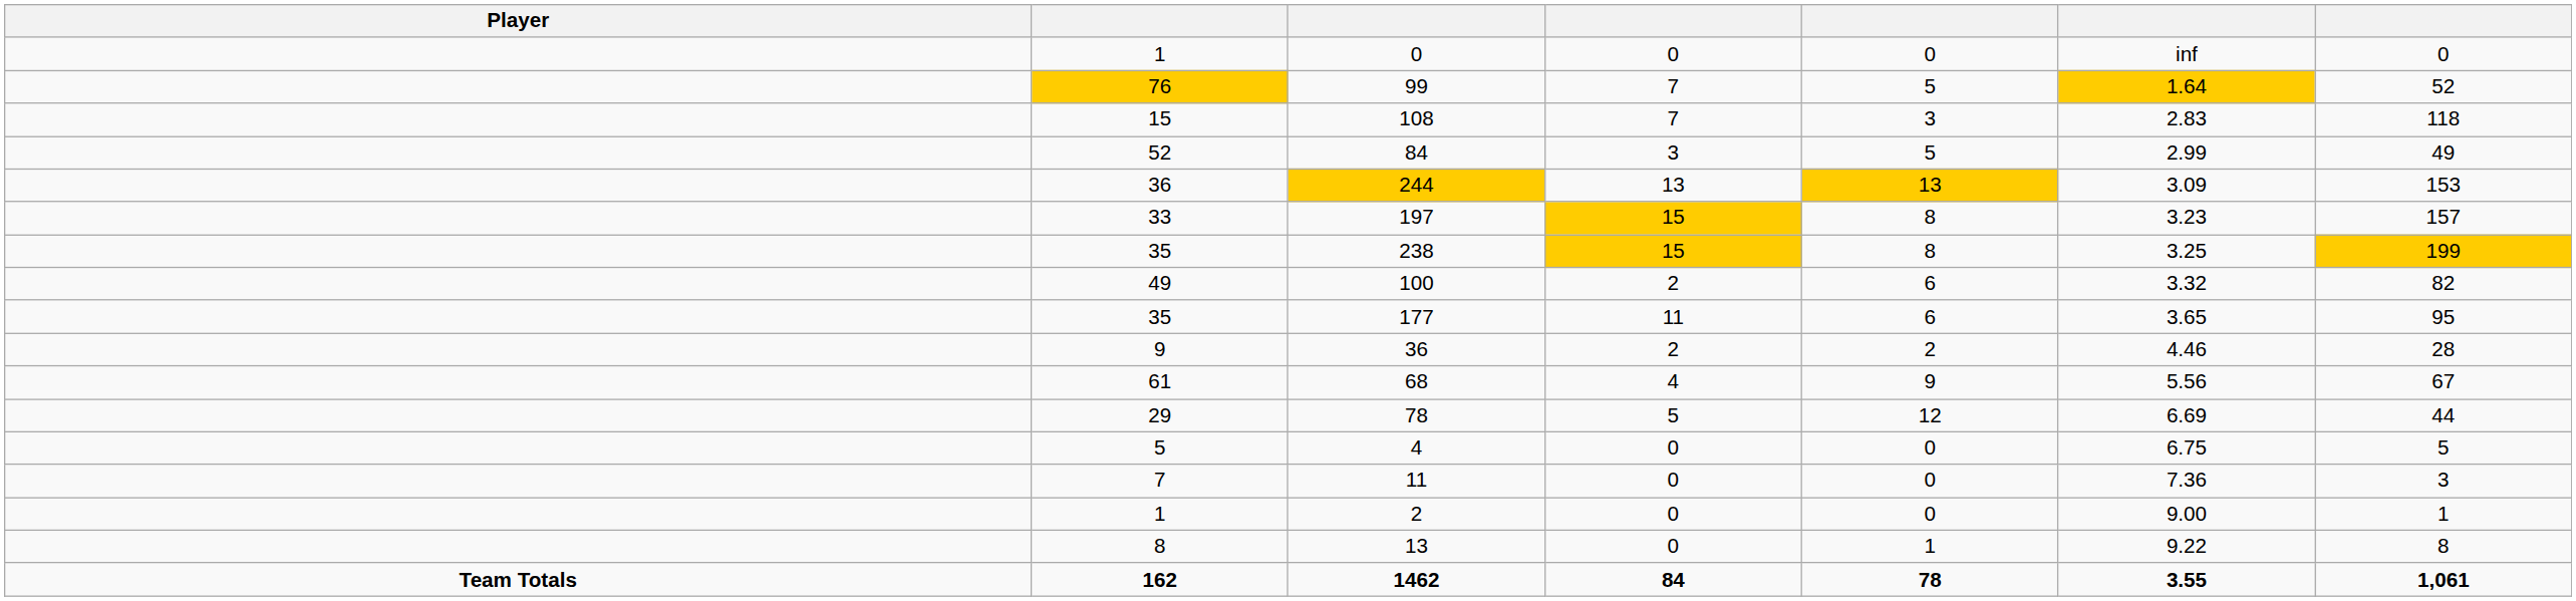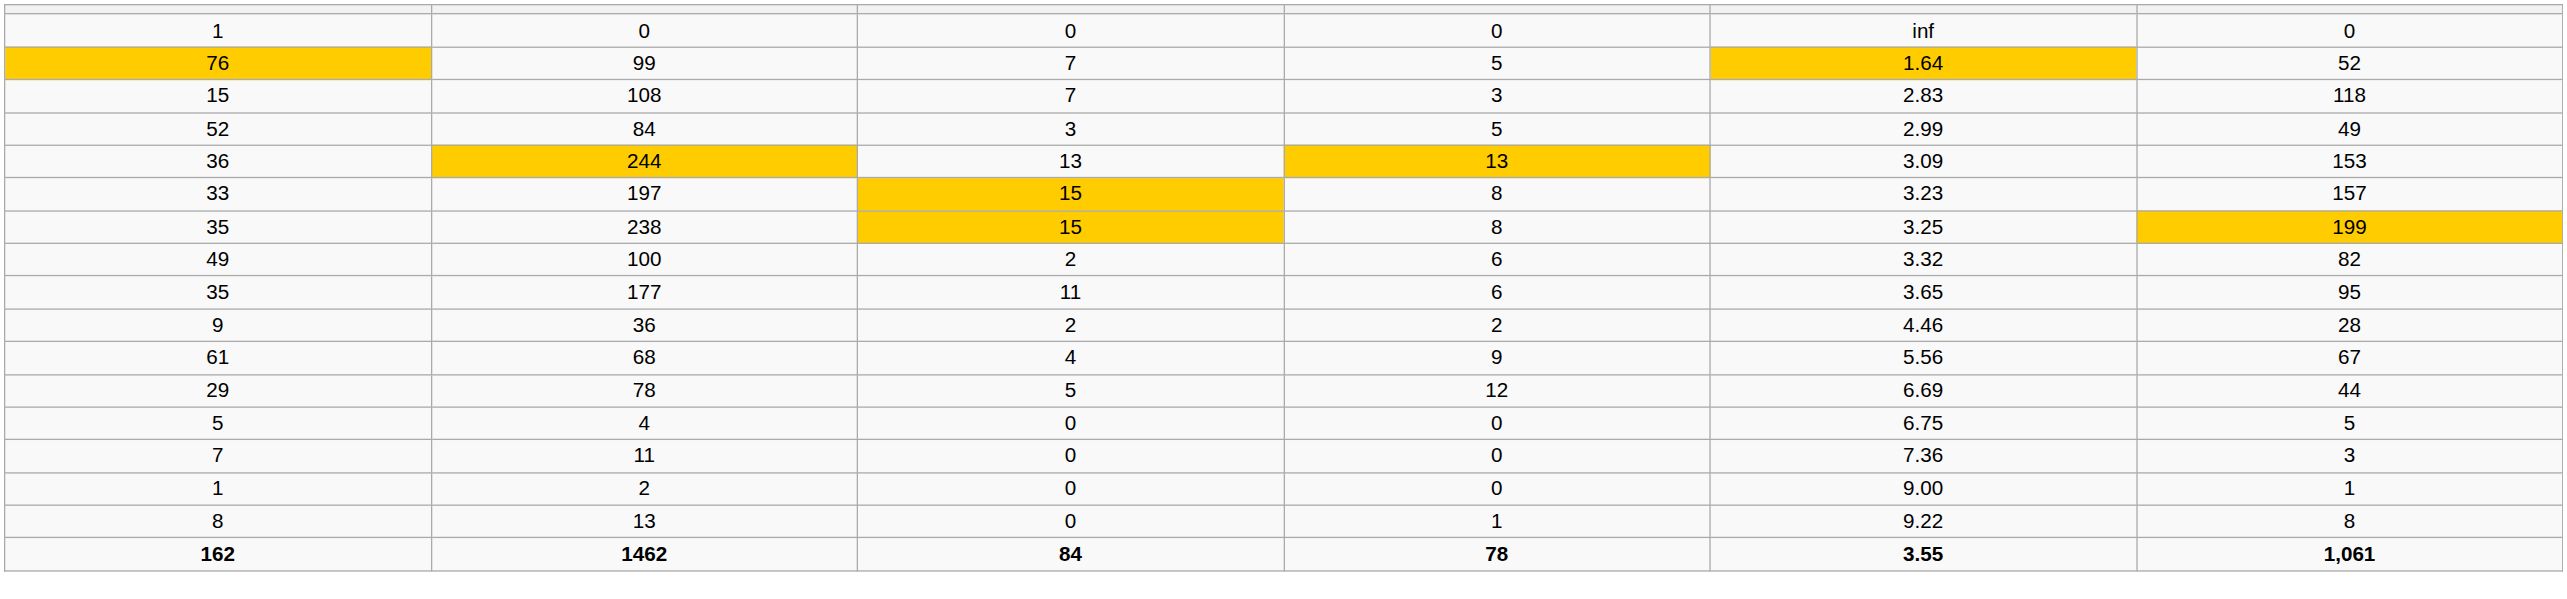 <table class="wikitable sortable" style="text-align:center;" width="100%">
 <tr>
-<th width="40%">Player</th>
 <th width="10%"></th>
 <th width="10%" data-sort-type="number"></th>
 <th width="10%"></th>
 <th width="10%"></th>
 <th width="10%"></th>
 <th width="10%"></th>
 </tr>
 <tr>
-<td></td>
 <td>1</td>
 <td>0</td>
 <td>0</td>
 <td>0</td>
 <td>inf</td>
 <td>0</td>
 </tr>
 <tr>
-<td></td>
 <td style="background:#fc0;">76</td>
 <td>99</td>
 <td>7</td>
 <td>5</td>
 <td style="background:#fc0;">1.64</td>
 <td>52</td>
 </tr>
 <tr>
-<td></td>
 <td>15</td>
 <td>108</td>
 <td>7</td>
 <td>3</td>
 <td>2.83</td>
 <td>118</td>
 </tr>
 <tr>
-<td></td>
 <td>52</td>
 <td>84</td>
 <td>3</td>
 <td>5</td>
 <td>2.99</td>
 <td>49</td>
 </tr>
 <tr>
-<td></td>
 <td>36</td>
 <td style="background:#fc0;">244</td>
 <td>13</td>
 <td style="background:#fc0;">13</td>
 <td>3.09</td>
 <td>153</td>
 </tr>
 <tr>
-<td></td>
 <td>33</td>
 <td>197</td>
 <td style="background:#fc0;">15</td>
 <td>8</td>
 <td>3.23</td>
 <td>157</td>
 </tr>
 <tr>
-<td></td>
 <td>35</td>
 <td>238</td>
 <td style="background:#fc0;">15</td>
 <td>8</td>
 <td>3.25</td>
 <td style="background:#fc0;">199</td>
 </tr>
 <tr>
-<td></td>
 <td>49</td>
 <td>100</td>
 <td>2</td>
 <td>6</td>
 <td>3.32</td>
 <td>82</td>
 </tr>
 <tr>
-<td></td>
 <td>35</td>
 <td>177</td>
 <td>11</td>
 <td>6</td>
 <td>3.65</td>
 <td>95</td>
 </tr>
 <tr>
-<td></td>
 <td>9</td>
 <td>36</td>
 <td>2</td>
 <td>2</td>
 <td>4.46</td>
 <td>28</td>
 </tr>
 <tr>
-<td></td>
 <td>61</td>
 <td>68</td>
 <td>4</td>
 <td>9</td>
 <td>5.56</td>
 <td>67</td>
 </tr>
 <tr>
-<td></td>
 <td>29</td>
 <td>78</td>
 <td>5</td>
 <td>12</td>
 <td>6.69</td>
 <td>44</td>
 </tr>
 <tr>
-<td></td>
 <td>5</td>
 <td>4</td>
 <td>0</td>
 <td>0</td>
 <td>6.75</td>
 <td>5</td>
 </tr>
 <tr>
-<td></td>
 <td>7</td>
 <td>11</td>
 <td>0</td>
 <td>0</td>
 <td>7.36</td>
 <td>3</td>
 </tr>
 <tr>
-<td></td>
 <td>1</td>
 <td>2</td>
 <td>0</td>
 <td>0</td>
 <td>9.00</td>
 <td>1</td>
 </tr>
 <tr>
-<td></td>
 <td>8</td>
 <td>13</td>
 <td>0</td>
 <td>1</td>
 <td>9.22</td>
 <td>8</td>
 </tr>
 <tr>
-<td><strong>Team Totals</strong></td>
 <td><strong>162</strong></td>
 <td><strong>1462</strong></td>
 <td><strong>84</strong></td>
 <td><strong>78</strong></td>
 <td><strong>3.55</strong></td>
 <td><strong>1,061</strong></td>
 </tr>
 </table>
